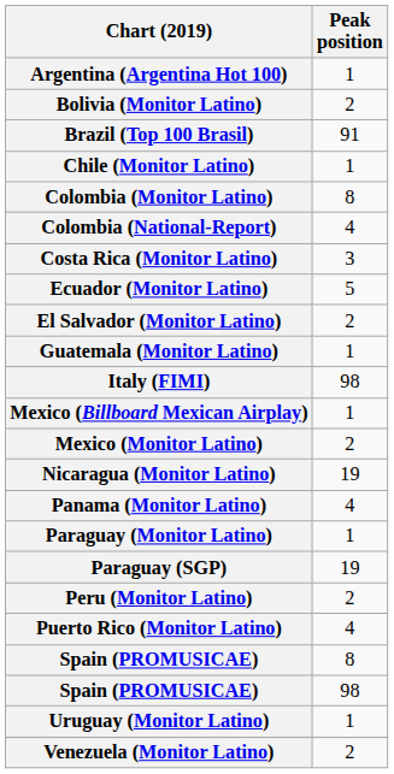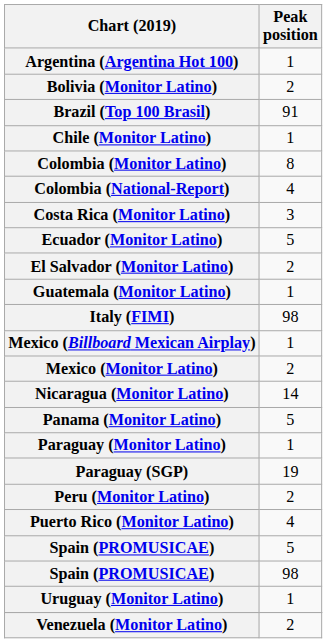 <table class="wikitable sortable plainrowheaders" style="text-align:center">
 <tr>
 <th scope="col">Chart (2019)</th>
 <th scope="col">Peak<br>position</th>
 </tr>
 <tr>
 <th scope="row">Argentina (<a href='#'>Argentina Hot 100</a>)</th>
 <td>1</td>
 </tr>
 <tr>
 <th scope="row">Bolivia (<a href='#'>Monitor Latino</a>)</th>
 <td>2</td>
 </tr>
 <tr>
 <th scope="row">Brazil (<a href='#'>Top 100 Brasil</a>)</th>
 <td>91</td>
 </tr>
 <tr>
 <th scope="row">Chile (<a href='#'>Monitor Latino</a>)</th>
 <td>1</td>
 </tr>
 <tr>
 <th scope="row">Colombia (<a href='#'>Monitor Latino</a>)</th>
 <td>8</td>
 </tr>
 <tr>
 <th scope="row">Colombia (<a href='#'>National-Report</a>)</th>
 <td>4</td>
 </tr>
 <tr>
 <th scope="row">Costa Rica (<a href='#'>Monitor Latino</a>)</th>
 <td>3</td>
 </tr>
 <tr>
 <th scope="row">Ecuador (<a href='#'>Monitor Latino</a>)</th>
 <td>5</td>
 </tr>
 <tr>
 <th scope="row">El Salvador (<a href='#'>Monitor Latino</a>)</th>
 <td>2</td>
 </tr>
 <tr>
 <th scope="row">Guatemala (<a href='#'>Monitor Latino</a>)</th>
 <td>1</td>
 </tr>
 <tr>
 <th scope="row">Italy (<a href='#'>FIMI</a>)</th>
 <td>98</td>
 </tr>
 <tr>
 <th scope="row">Mexico (<a href='#'><em>Billboard</em> Mexican Airplay</a>)</th>
 <td>1</td>
 </tr>
 <tr>
 <th scope="row">Mexico (<a href='#'>Monitor Latino</a>)</th>
 <td>2</td>
 </tr>
 <tr>
 <th scope="row">Nicaragua (<a href='#'>Monitor Latino</a>)</th>
-<td>19</td>
+<td>14</td>
 </tr>
 <tr>
 <th scope="row">Panama (<a href='#'>Monitor Latino</a>)</th>
-<td>4</td>
+<td>5</td>
 </tr>
 <tr>
 <th scope="row">Paraguay (<a href='#'>Monitor Latino</a>)</th>
 <td>1</td>
 </tr>
 <tr>
 <th scope="row">Paraguay (SGP)</th>
 <td>19</td>
 </tr>
 <tr>
 <th scope="row">Peru (<a href='#'>Monitor Latino</a>)</th>
 <td>2</td>
 </tr>
 <tr>
 <th scope="row">Puerto Rico (<a href='#'>Monitor Latino</a>)</th>
 <td>4</td>
 </tr>
 <tr>
 <th scope="row">Spain (<a href='#'>PROMUSICAE</a>)</th>
-<td>8</td>
+<td>5</td>
 </tr>
 <tr>
 <th scope="row">Spain (<a href='#'>PROMUSICAE</a>)<br></th>
 <td>98</td>
 </tr>
 <tr>
 <th scope="row">Uruguay (<a href='#'>Monitor Latino</a>)</th>
 <td>1</td>
 </tr>
 <tr>
 </tr>
 <tr>
 </tr>
 <tr>
 </tr>
 <tr>
 <th scope="row">Venezuela (<a href='#'>Monitor Latino</a>)</th>
 <td>2</td>
 </tr>
 </table>
